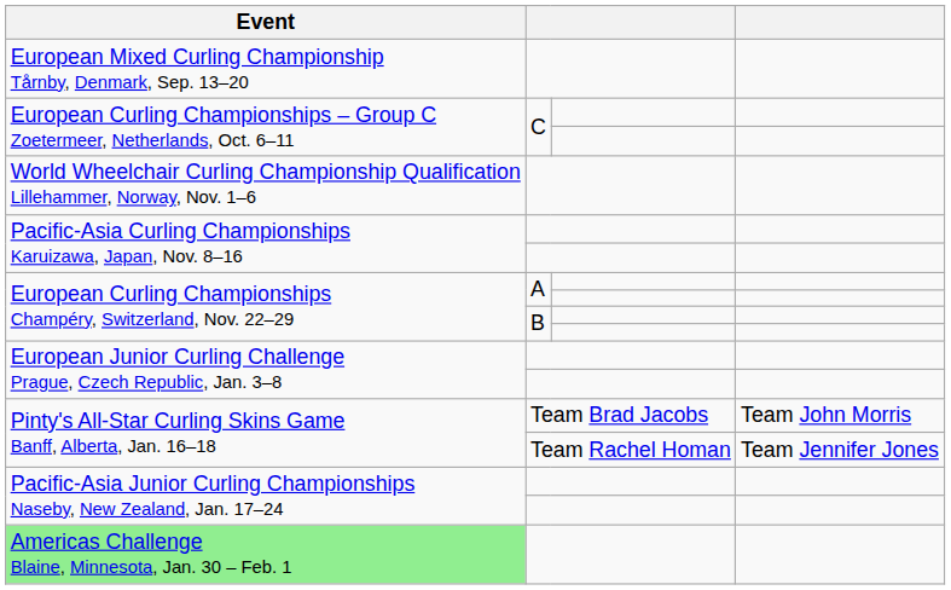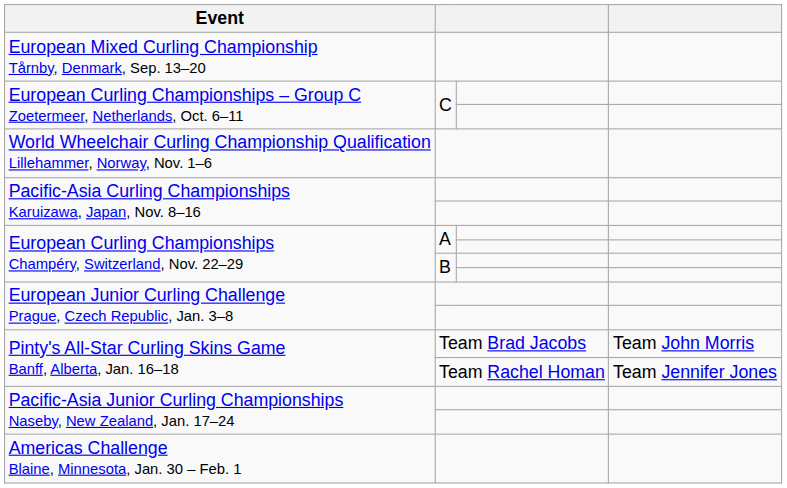 <table class="wikitable">
 <tr>
 <th>Event</th>
 <th colspan=2></th>
 <th></th>
 </tr>
 <tr>
 <td><a href='#'>European Mixed Curling Championship</a> <br> <small><a href='#'>Tårnby</a>, <a href='#'>Denmark</a>, Sep. 13–20</small></td>
 <td colspan=2></td>
 <td></td>
 </tr>
 <tr>
 <td rowspan=2><a href='#'>European Curling Championships – Group C</a> <br> <small><a href='#'>Zoetermeer</a>, <a href='#'>Netherlands</a>, Oct. 6–11</small></td>
 <td rowspan=2 width=5>C</td>
 <td></td>
 <td></td>
 </tr>
 <tr>
 <td></td>
 <td></td>
 </tr>
 <tr>
 <td><a href='#'>World Wheelchair Curling Championship Qualification</a> <br> <small><a href='#'>Lillehammer</a>, <a href='#'>Norway</a>, Nov. 1–6</small></td>
 <td colspan=2></td>
 <td></td>
 </tr>
 <tr>
 <td rowspan=2><a href='#'>Pacific-Asia Curling Championships</a> <br> <small><a href='#'>Karuizawa</a>, <a href='#'>Japan</a>, Nov. 8–16</small></td>
 <td colspan=2></td>
 <td></td>
 </tr>
 <tr>
 <td colspan=2></td>
 <td></td>
 </tr>
 <tr>
 <td rowspan=4><a href='#'>European Curling Championships</a> <br> <small><a href='#'>Champéry</a>, <a href='#'>Switzerland</a>, Nov. 22–29</small></td>
 <td rowspan=2 width=5>A</td>
 <td></td>
 <td></td>
 </tr>
 <tr>
 <td></td>
 <td></td>
 </tr>
 <tr>
 <td rowspan=2>B</td>
 <td></td>
 <td></td>
 </tr>
 <tr>
 <td></td>
 <td></td>
 </tr>
 <tr>
 <td rowspan=2><a href='#'>European Junior Curling Challenge</a> <br> <small><a href='#'>Prague</a>, <a href='#'>Czech Republic</a>, Jan. 3–8</small></td>
 <td colspan=2></td>
 <td></td>
 </tr>
 <tr>
 <td colspan=2></td>
 <td></td>
 </tr>
 <tr>
 <td rowspan=2><a href='#'>Pinty's All-Star Curling Skins Game</a> <br> <small><a href='#'>Banff</a>, <a href='#'>Alberta</a>, Jan. 16–18</small></td>
 <td colspan=2>Team <a href='#'>Brad Jacobs</a></td>
 <td>Team <a href='#'>John Morris</a></td>
 </tr>
 <tr>
 <td colspan=2>Team <a href='#'>Rachel Homan</a></td>
 <td>Team <a href='#'>Jennifer Jones</a></td>
 </tr>
 <tr>
 <td rowspan=2><a href='#'>Pacific-Asia Junior Curling Championships</a> <br> <small><a href='#'>Naseby</a>, <a href='#'>New Zealand</a>, Jan. 17–24</small></td>
 <td colspan=2></td>
 <td></td>
 </tr>
 <tr>
 <td colspan=2></td>
 <td></td>
 </tr>
 <tr>
-<td style="background: lightgreen;"><a href='#'>Americas Challenge</a> <br> <small><a href='#'>Blaine</a>, <a href='#'>Minnesota</a>, Jan. 30 – Feb. 1</small></td>
+<td><a href='#'>Americas Challenge</a> <br> <small><a href='#'>Blaine</a>, <a href='#'>Minnesota</a>, Jan. 30 – Feb. 1</small></td>
 <td colspan=2></td>
 <td><br></td>
 </tr>
 </table>
